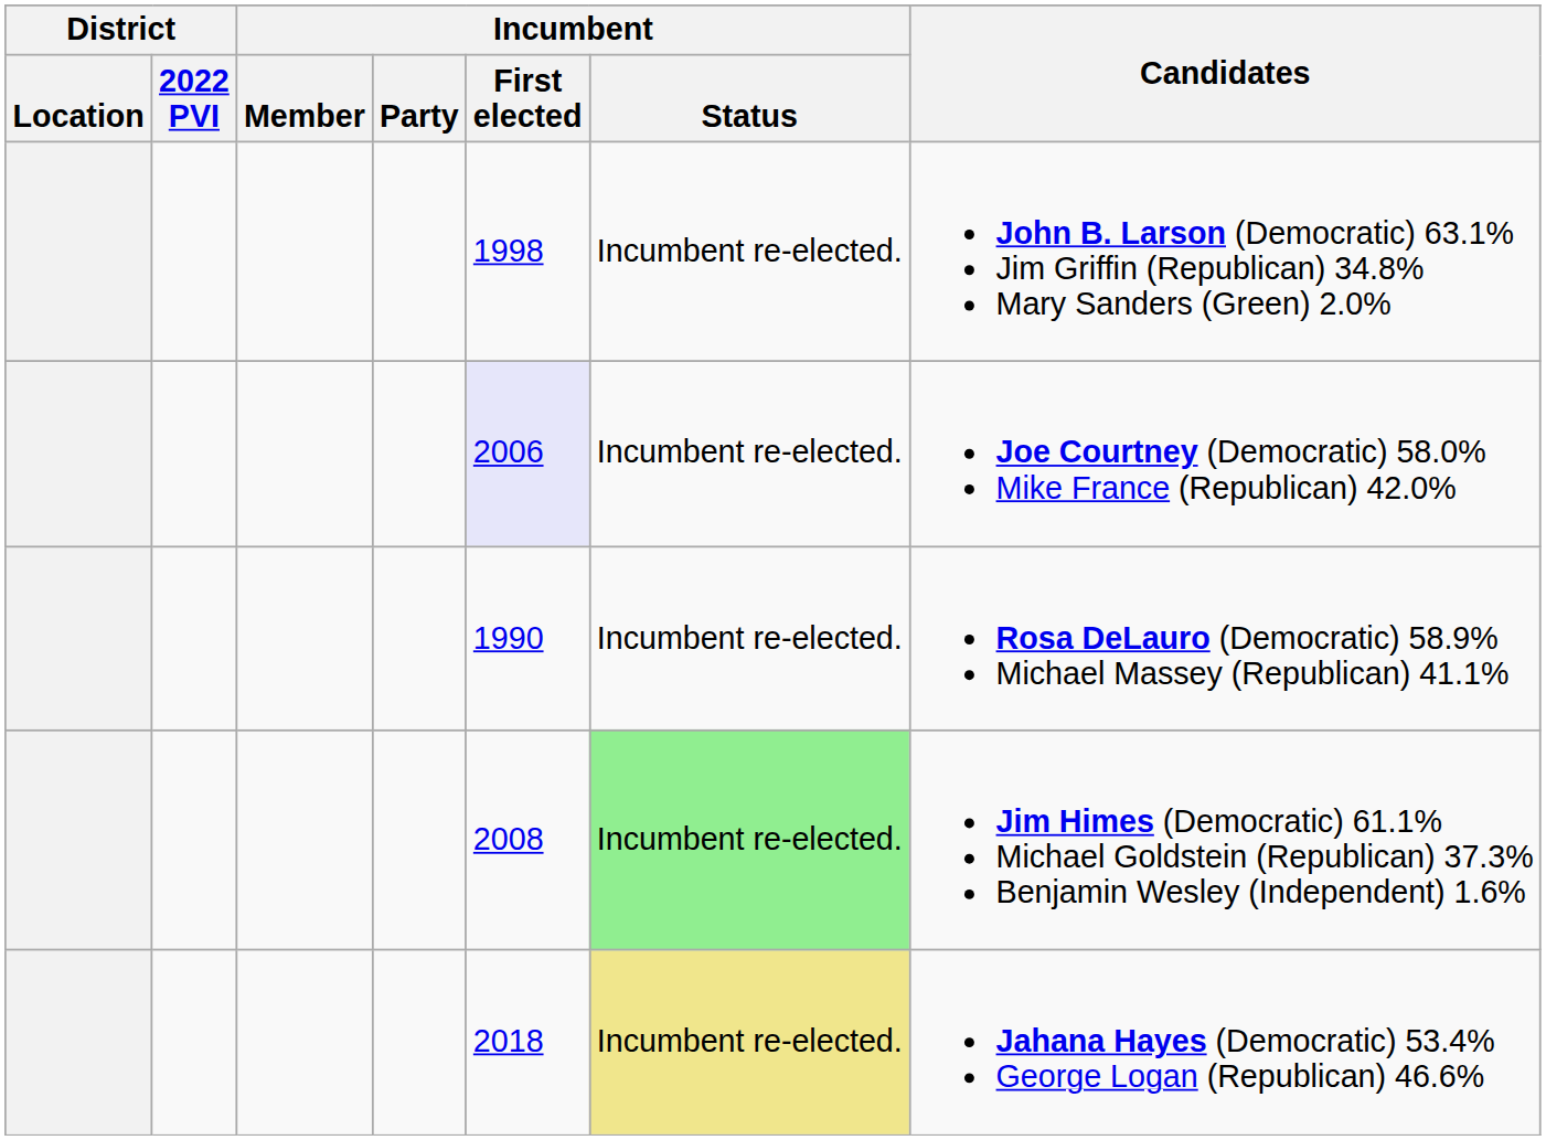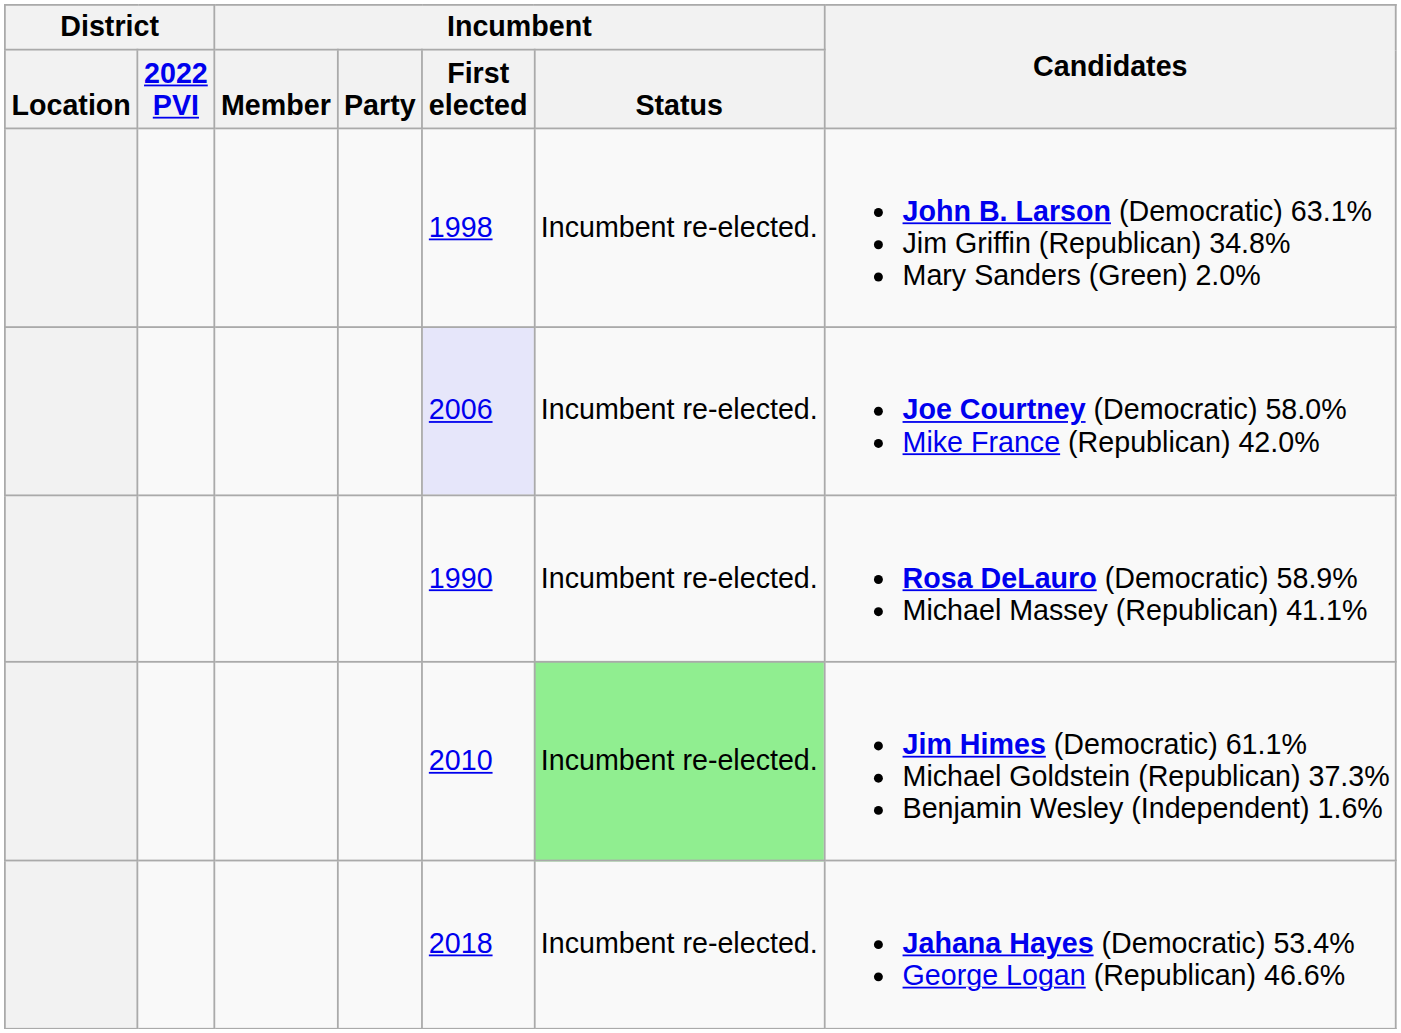 <table class="wikitable sortable">
 <tr>
 <th colspan=2>District</th>
 <th colspan=4>Incumbent</th>
 <th rowspan=2 class="unsortable">Candidates</th>
 </tr>
 <tr valign=bottom>
 <th>Location</th>
 <th><a href='#'>2022<br>PVI</a></th>
 <th>Member</th>
 <th>Party</th>
 <th>First<br>elected</th>
 <th>Status</th>
 </tr>
 <tr>
 <th></th>
 <td></td>
 <td></td>
 <td></td>
 <td><a href='#'>1998</a></td>
 <td>Incumbent re-elected.</td>
 <td nowrap><br><ul><li> <strong><a href='#'>John B. Larson</a></strong> (Democratic) 63.1%</li><li>Jim Griffin (Republican) 34.8%</li><li>Mary Sanders (Green) 2.0%</li></ul></td>
 </tr>
 <tr>
 <th></th>
 <td></td>
 <td></td>
 <td></td>
 <td style="background: lavender;"><a href='#'>2006</a></td>
 <td>Incumbent re-elected.</td>
 <td nowrap><br><ul><li> <strong><a href='#'>Joe Courtney</a></strong> (Democratic) 58.0%</li><li><a href='#'>Mike France</a> (Republican) 42.0%</li></ul></td>
 </tr>
 <tr>
 <th></th>
 <td></td>
 <td></td>
 <td></td>
 <td><a href='#'>1990</a></td>
 <td>Incumbent re-elected.</td>
 <td nowrap><br><ul><li> <strong><a href='#'>Rosa DeLauro</a></strong> (Democratic) 58.9%</li><li>Michael Massey (Republican) 41.1%</li></ul></td>
 </tr>
 <tr>
 <th></th>
 <td></td>
 <td></td>
 <td></td>
-<td><a href='#'>2008</a></td>
+<td><a href='#'>2010</a></td>
 <td style="background: lightgreen;">Incumbent re-elected.</td>
 <td nowrap><br><ul><li> <strong><a href='#'>Jim Himes</a></strong> (Democratic) 61.1%</li><li>Michael Goldstein (Republican) 37.3%</li><li>Benjamin Wesley (Independent) 1.6%</li></ul></td>
 </tr>
 <tr>
 <th></th>
 <td></td>
 <td></td>
 <td></td>
 <td><a href='#'>2018</a></td>
-<td style="background: khaki;">Incumbent re-elected.</td>
+<td>Incumbent re-elected.</td>
 <td nowrap><br><ul><li> <strong><a href='#'>Jahana Hayes</a></strong> (Democratic) 53.4%</li><li><a href='#'>George Logan</a> (Republican) 46.6%</li></ul></td>
 </tr>
 </table>
